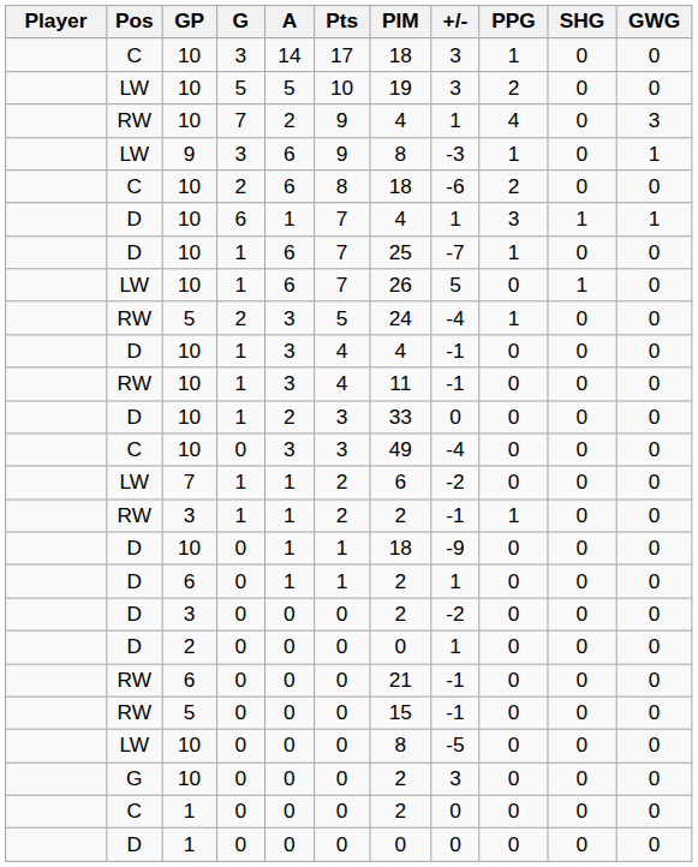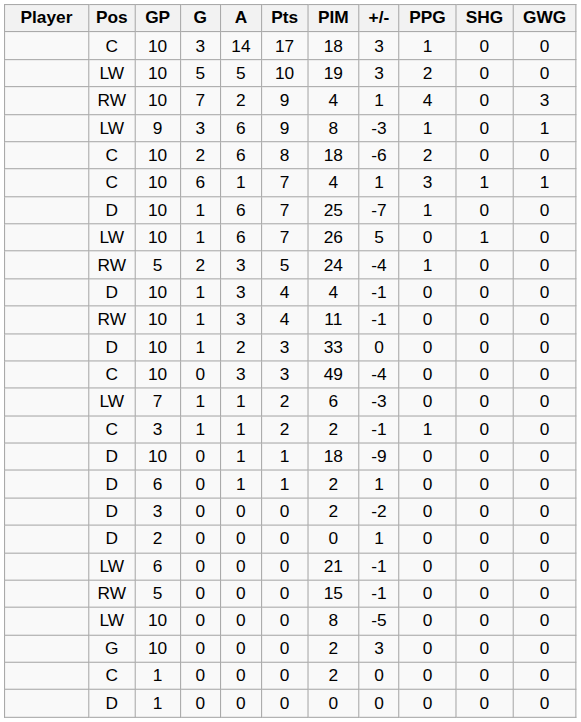 <table class="wikitable sortable" width="60%">
 <tr ALIGN="center">
 <th bgcolor="#DDDDFF" width="10%">Player</th>
 <th bgcolor="#DDDDFF" width="3%" title="Position">Pos</th>
 <th bgcolor="#DDDDFF" width="5%" title="Games played">GP</th>
 <th bgcolor="#DDDDFF" width="5%" title="Goals">G</th>
 <th bgcolor="#DDDDFF" width="5%" title="Assists">A</th>
 <th bgcolor="#DDDDFF" width="5%" title="Points">Pts</th>
 <th bgcolor="#DDDDFF" width="5%" title="Penalties in Minutes">PIM</th>
 <th bgcolor="#DDDDFF" width="5%" title="Plus/minus">+/-</th>
 <th bgcolor="#DDDDFF" width="5%" title="Power play goals">PPG</th>
 <th bgcolor="#DDDDFF" width="5%" title="Short-handed goals">SHG</th>
 <th bgcolor="#DDDDFF" width="5%" title="Game-winning goals">GWG</th>
 </tr>
 <tr align="center">
 <td align="right"></td>
 <td>C</td>
 <td>10</td>
 <td>3</td>
 <td>14</td>
 <td>17</td>
 <td>18</td>
 <td>3</td>
 <td>1</td>
 <td>0</td>
 <td>0</td>
 </tr>
 <tr align="center">
 <td align="right"></td>
 <td>LW</td>
 <td>10</td>
 <td>5</td>
 <td>5</td>
 <td>10</td>
 <td>19</td>
 <td>3</td>
 <td>2</td>
 <td>0</td>
 <td>0</td>
 </tr>
 <tr align="center">
 <td align="right"></td>
 <td>RW</td>
 <td>10</td>
 <td>7</td>
 <td>2</td>
 <td>9</td>
 <td>4</td>
 <td>1</td>
 <td>4</td>
 <td>0</td>
 <td>3</td>
 </tr>
 <tr align="center">
 <td align="right"></td>
 <td>LW</td>
 <td>9</td>
 <td>3</td>
 <td>6</td>
 <td>9</td>
 <td>8</td>
 <td>-3</td>
 <td>1</td>
 <td>0</td>
 <td>1</td>
 </tr>
 <tr align="center">
 <td align="right"></td>
 <td>C</td>
 <td>10</td>
 <td>2</td>
 <td>6</td>
 <td>8</td>
 <td>18</td>
 <td>-6</td>
 <td>2</td>
 <td>0</td>
 <td>0</td>
 </tr>
 <tr align="center">
 <td align="right"></td>
-<td>D</td>
+<td>C</td>
 <td>10</td>
 <td>6</td>
 <td>1</td>
 <td>7</td>
 <td>4</td>
 <td>1</td>
 <td>3</td>
 <td>1</td>
 <td>1</td>
 </tr>
 <tr align="center">
 <td align="right"></td>
 <td>D</td>
 <td>10</td>
 <td>1</td>
 <td>6</td>
 <td>7</td>
 <td>25</td>
 <td>-7</td>
 <td>1</td>
 <td>0</td>
 <td>0</td>
 </tr>
 <tr align="center">
 <td align="right"></td>
 <td>LW</td>
 <td>10</td>
 <td>1</td>
 <td>6</td>
 <td>7</td>
 <td>26</td>
 <td>5</td>
 <td>0</td>
 <td>1</td>
 <td>0</td>
 </tr>
 <tr align="center">
 <td align="right"></td>
 <td>RW</td>
 <td>5</td>
 <td>2</td>
 <td>3</td>
 <td>5</td>
 <td>24</td>
 <td>-4</td>
 <td>1</td>
 <td>0</td>
 <td>0</td>
 </tr>
 <tr align="center">
 <td align="right"></td>
 <td>D</td>
 <td>10</td>
 <td>1</td>
 <td>3</td>
 <td>4</td>
 <td>4</td>
 <td>-1</td>
 <td>0</td>
 <td>0</td>
 <td>0</td>
 </tr>
 <tr align="center">
 <td align="right"></td>
 <td>RW</td>
 <td>10</td>
 <td>1</td>
 <td>3</td>
 <td>4</td>
 <td>11</td>
 <td>-1</td>
 <td>0</td>
 <td>0</td>
 <td>0</td>
 </tr>
 <tr align="center">
 <td align="right"></td>
 <td>D</td>
 <td>10</td>
 <td>1</td>
 <td>2</td>
 <td>3</td>
 <td>33</td>
 <td>0</td>
 <td>0</td>
 <td>0</td>
 <td>0</td>
 </tr>
 <tr align="center">
 <td align="right"></td>
 <td>C</td>
 <td>10</td>
 <td>0</td>
 <td>3</td>
 <td>3</td>
 <td>49</td>
 <td>-4</td>
 <td>0</td>
 <td>0</td>
 <td>0</td>
 </tr>
 <tr align="center">
 <td align="right"></td>
 <td>LW</td>
 <td>7</td>
 <td>1</td>
 <td>1</td>
 <td>2</td>
 <td>6</td>
-<td>-2</td>
+<td>-3</td>
 <td>0</td>
 <td>0</td>
 <td>0</td>
 </tr>
 <tr align="center">
 <td align="right"></td>
-<td>RW</td>
+<td>C</td>
 <td>3</td>
 <td>1</td>
 <td>1</td>
 <td>2</td>
 <td>2</td>
 <td>-1</td>
 <td>1</td>
 <td>0</td>
 <td>0</td>
 </tr>
 <tr align="center">
 <td align="right"></td>
 <td>D</td>
 <td>10</td>
 <td>0</td>
 <td>1</td>
 <td>1</td>
 <td>18</td>
 <td>-9</td>
 <td>0</td>
 <td>0</td>
 <td>0</td>
 </tr>
 <tr align="center">
 <td align="right"></td>
 <td>D</td>
 <td>6</td>
 <td>0</td>
 <td>1</td>
 <td>1</td>
 <td>2</td>
 <td>1</td>
 <td>0</td>
 <td>0</td>
 <td>0</td>
 </tr>
 <tr align="center">
 <td align="right"></td>
 <td>D</td>
 <td>3</td>
 <td>0</td>
 <td>0</td>
 <td>0</td>
 <td>2</td>
 <td>-2</td>
 <td>0</td>
 <td>0</td>
 <td>0</td>
 </tr>
 <tr align="center">
 <td align="right"></td>
 <td>D</td>
 <td>2</td>
 <td>0</td>
 <td>0</td>
 <td>0</td>
 <td>0</td>
 <td>1</td>
 <td>0</td>
 <td>0</td>
 <td>0</td>
 </tr>
 <tr align="center">
 <td align="right"></td>
-<td>RW</td>
+<td>LW</td>
 <td>6</td>
 <td>0</td>
 <td>0</td>
 <td>0</td>
 <td>21</td>
 <td>-1</td>
 <td>0</td>
 <td>0</td>
 <td>0</td>
 </tr>
 <tr align="center">
 <td align="right"></td>
 <td>RW</td>
 <td>5</td>
 <td>0</td>
 <td>0</td>
 <td>0</td>
 <td>15</td>
 <td>-1</td>
 <td>0</td>
 <td>0</td>
 <td>0</td>
 </tr>
 <tr align="center">
 <td align="right"></td>
 <td>LW</td>
 <td>10</td>
 <td>0</td>
 <td>0</td>
 <td>0</td>
 <td>8</td>
 <td>-5</td>
 <td>0</td>
 <td>0</td>
 <td>0</td>
 </tr>
 <tr align="center">
 <td align="right"></td>
 <td>G</td>
 <td>10</td>
 <td>0</td>
 <td>0</td>
 <td>0</td>
 <td>2</td>
 <td>3</td>
 <td>0</td>
 <td>0</td>
 <td>0</td>
 </tr>
 <tr align="center">
 <td align="right"></td>
 <td>C</td>
 <td>1</td>
 <td>0</td>
 <td>0</td>
 <td>0</td>
 <td>2</td>
 <td>0</td>
 <td>0</td>
 <td>0</td>
 <td>0</td>
 </tr>
 <tr align="center">
 <td align="right"></td>
 <td>D</td>
 <td>1</td>
 <td>0</td>
 <td>0</td>
 <td>0</td>
 <td>0</td>
 <td>0</td>
 <td>0</td>
 <td>0</td>
 <td>0</td>
 </tr>
 </table>
